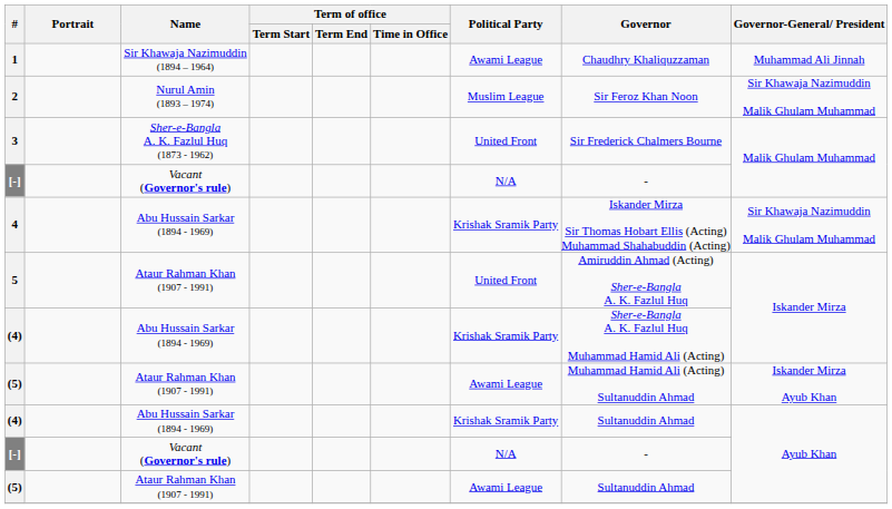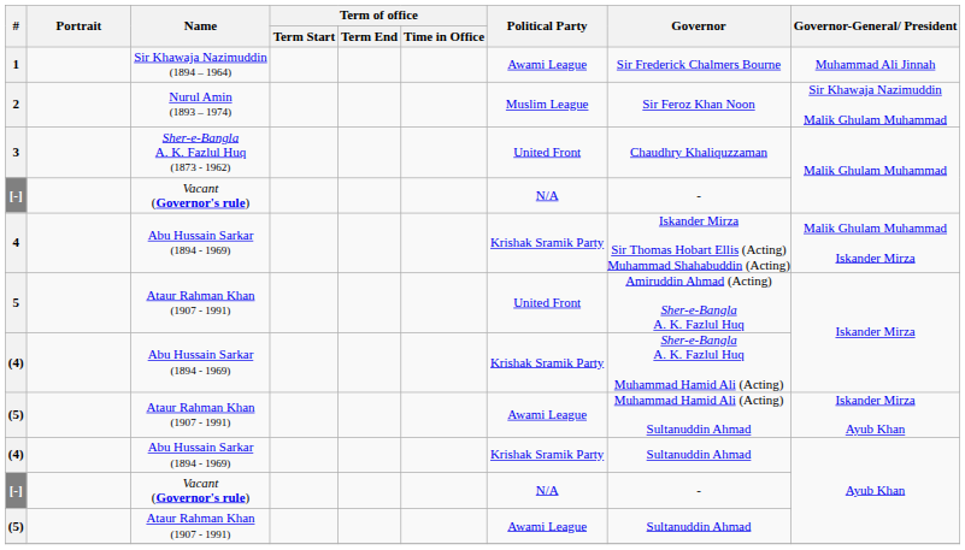 <table class="wikitable sortable" style="text-align:center">
 <tr>
 <th rowspan="2" class="unsortable">#</th>
 <th rowspan="2" class="unsortable" style="width:120px;">Portrait</th>
 <th rowspan="2">Name</th>
 <th colspan="3">Term of office</th>
 <th rowspan="2">Political Party</th>
 <th rowspan="2">Governor</th>
 <th rowspan="2">Governor-General/ President</th>
 </tr>
 <tr>
 <th>Term Start</th>
 <th>Term End</th>
 <th>Time in Office</th>
 </tr>
 <tr>
 <th style="background-color: ">1</th>
 <td></td>
 <td><a href='#'>Sir Khawaja Nazimuddin</a><br><small>(1894 – 1964)</small></td>
 <td></td>
 <td></td>
 <td></td>
 <td><a href='#'>Awami League</a></td>
-<td><a href='#'>Chaudhry Khaliquzzaman</a></td>
+<td><a href='#'>Sir Frederick Chalmers Bourne</a></td>
 <td><a href='#'>Muhammad Ali Jinnah</a></td>
 </tr>
 <tr>
 <th style="background-color: ">2</th>
 <td></td>
 <td><a href='#'>Nurul Amin</a><br><small>(1893 – 1974)</small></td>
 <td></td>
 <td></td>
 <td></td>
 <td><a href='#'>Muslim League</a></td>
 <td><a href='#'>Sir Feroz Khan Noon</a></td>
 <td style="padding:0;"><div><a href='#'>Sir Khawaja Nazimuddin</a></div><br><div><a href='#'>Malik Ghulam Muhammad</a></div></td>
 </tr>
 <tr>
 <th style="background-color: ">3</th>
 <td></td>
 <td><em><a href='#'>Sher-e-Bangla</a></em><br><a href='#'>A. K. Fazlul Huq</a><br><small>(1873 - 1962)</small></td>
 <td></td>
 <td></td>
 <td></td>
 <td><a href='#'>United Front</a></td>
-<td><a href='#'>Sir Frederick Chalmers Bourne</a></td>
+<td><a href='#'>Chaudhry Khaliquzzaman</a></td>
 <td rowspan="2"><a href='#'>Malik Ghulam Muhammad</a></td>
 </tr>
 <tr>
 <th style="background-color:gray; color:white;"><strong>[-]</strong></th>
 <td></td>
 <td><em>Vacant</em><br>(<strong><a href='#'>Governor's rule</a></strong>)</td>
 <td></td>
 <td></td>
 <td></td>
 <td><a href='#'>N/A</a></td>
 <td>-</td>
 </tr>
 <tr>
 <th style="background-color: ">4</th>
 <td></td>
 <td><a href='#'>Abu Hussain Sarkar</a><br><small>(1894 - 1969)</small></td>
 <td></td>
 <td></td>
 <td></td>
 <td><a href='#'>Krishak Sramik Party</a></td>
 <td style="padding:0;"><div><a href='#'>Iskander Mirza</a></div><br><div><a href='#'>Sir Thomas Hobart Ellis</a> (Acting)</div><div><a href='#'>Muhammad Shahabuddin</a> (Acting)</div></td>
-<td style="padding:0;"><div><a href='#'>Sir Khawaja Nazimuddin</a></div><br><div><a href='#'>Malik Ghulam Muhammad</a></div></td>
+<td style="padding:0;"><div><a href='#'>Malik Ghulam Muhammad</a></div><br><div><a href='#'>Iskander Mirza</a></div></td>
 </tr>
 <tr>
 <th style="background-color: ">5</th>
 <td></td>
 <td><a href='#'>Ataur Rahman Khan</a><br><small>(1907 - 1991)</small></td>
 <td></td>
 <td></td>
 <td></td>
 <td><a href='#'>United Front</a></td>
 <td style="padding:0;"><div><a href='#'>Amiruddin Ahmad</a> (Acting)</div><br><div><em><a href='#'>Sher-e-Bangla</a></em><br><a href='#'>A. K. Fazlul Huq</a></div></td>
 <td rowspan="2"><a href='#'>Iskander Mirza</a></td>
 </tr>
 <tr>
 <th style="background-color: ">(4)</th>
 <td></td>
 <td><a href='#'>Abu Hussain Sarkar</a><br><small>(1894 - 1969)</small></td>
 <td></td>
 <td></td>
 <td></td>
 <td><a href='#'>Krishak Sramik Party</a></td>
 <td style="padding:0;"><div><em><a href='#'>Sher-e-Bangla</a></em><br><a href='#'>A. K. Fazlul Huq</a></div><br><div><a href='#'>Muhammad Hamid Ali</a> (Acting)</div></td>
 </tr>
 <tr>
 <th style="background-color: ">(5)</th>
 <td></td>
 <td><a href='#'>Ataur Rahman Khan</a><br><small>(1907 - 1991)</small></td>
 <td></td>
 <td></td>
 <td></td>
 <td><a href='#'>Awami League</a></td>
 <td style="padding:0;"><div><a href='#'>Muhammad Hamid Ali</a> (Acting)</div><br><div><a href='#'>Sultanuddin Ahmad</a></div></td>
 <td style="padding:0;"><div><a href='#'>Iskander Mirza</a></div><br><div><a href='#'>Ayub Khan</a></div></td>
 </tr>
 <tr>
 <th style="background-color: ">(4)</th>
 <td></td>
 <td><a href='#'>Abu Hussain Sarkar</a><br><small>(1894 - 1969)</small></td>
 <td></td>
 <td></td>
 <td></td>
 <td><a href='#'>Krishak Sramik Party</a></td>
 <td><a href='#'>Sultanuddin Ahmad</a></td>
 <td rowspan="3"><a href='#'>Ayub Khan</a></td>
 </tr>
 <tr>
 <th style="background-color:gray; color:white;"><strong>[-]</strong></th>
 <td></td>
 <td><em>Vacant</em><br>(<strong><a href='#'>Governor's rule</a></strong>)</td>
 <td></td>
 <td></td>
 <td></td>
 <td><a href='#'>N/A</a></td>
 <td>-</td>
 </tr>
 <tr>
 <th style="background-color: ">(5)</th>
 <td></td>
 <td><a href='#'>Ataur Rahman Khan</a><br><small>(1907 - 1991)</small></td>
 <td></td>
 <td></td>
 <td></td>
 <td><a href='#'>Awami League</a></td>
 <td><a href='#'>Sultanuddin Ahmad</a></td>
 </tr>
 <tr>
 </tr>
 </table>
